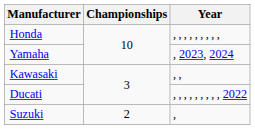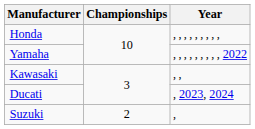 <table class="wikitable" style="font-size:95%;">
 <tr>
 <th>Manufacturer</th>
 <th>Championships</th>
 <th>Year</th>
 </tr>
 <tr>
 <td> <a href='#'>Honda</a></td>
 <td rowspan="2" align="center">10</td>
 <td>, , , , , , , , , </td>
 </tr>
 <tr>
 <td> <a href='#'>Yamaha</a></td>
-<td>, <a href='#'>2023</a>, <a href='#'>2024</a></td>
+<td>, , , , , , , , , <a href='#'>2022</a></td>
 </tr>
 <tr>
 <td> <a href='#'>Kawasaki</a></td>
 <td rowspan="2" align="center">3</td>
 <td>, , </td>
 </tr>
 <tr>
 <td> <a href='#'>Ducati</a></td>
-<td>, , , , , , , , , <a href='#'>2022</a></td>
+<td>, <a href='#'>2023</a>, <a href='#'>2024</a></td>
 </tr>
 <tr>
 <td> <a href='#'>Suzuki</a></td>
 <td rowspan="2" align="center">2</td>
 <td>, </td>
 </tr>
 </table>
